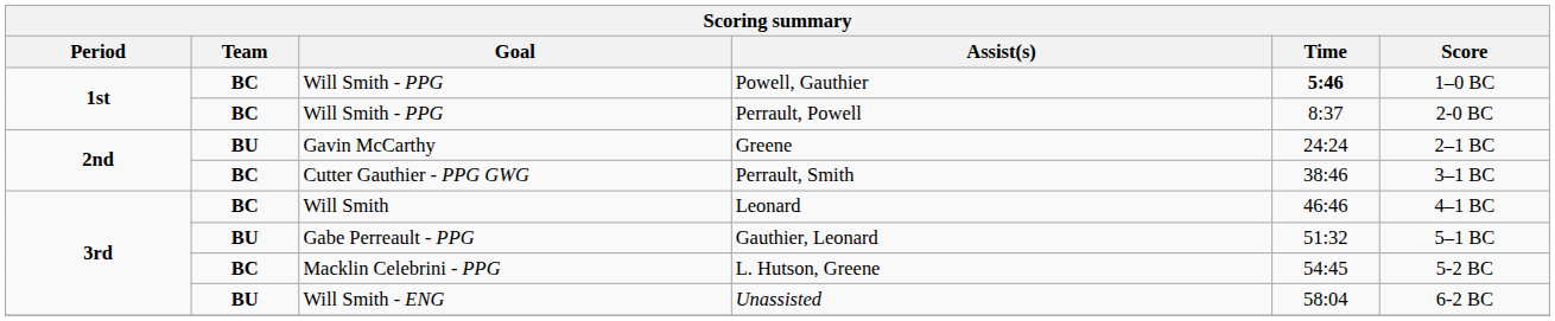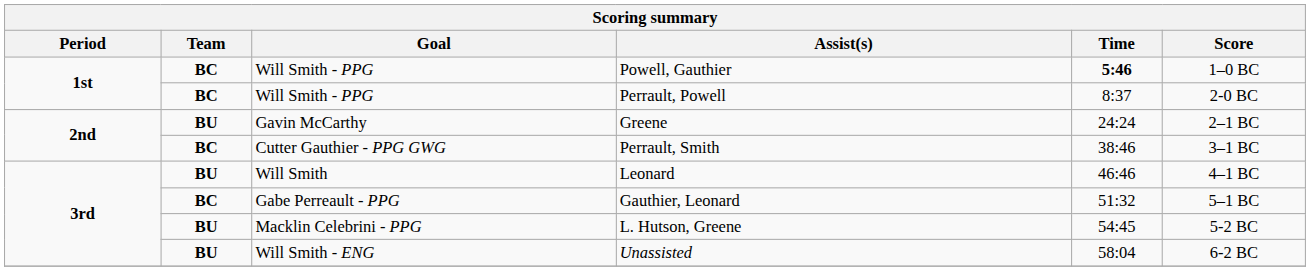 <table style="width:100%;" class="wikitable">
 <tr>
 <th colspan=6>Scoring summary</th>
 </tr>
 <tr>
 <th style="width:12%;">Period</th>
 <th style="width:7%;">Team</th>
 <th style="width:28%;">Goal</th>
 <th style="width:35%;">Assist(s)</th>
 <th style="width:7%;">Time</th>
 <th style="width:11%;">Score</th>
 </tr>
 <tr>
 <td style="text-align:center;" rowspan="2"><strong>1st</strong></td>
 <td align=center><strong>BC</strong></td>
 <td>Will Smith - <em>PPG</em></td>
 <td>Powell, Gauthier</td>
 <td align=center><strong>5:46</strong></td>
 <td align=center>1–0 BC</td>
 </tr>
 <tr>
 <td align=center><strong>BC</strong></td>
 <td>Will Smith - <em>PPG</em></td>
 <td>Perrault, Powell</td>
 <td align=center>8:37</td>
 <td align=center>2-0 BC</td>
 </tr>
 <tr>
 <td style="text-align:center;" rowspan="2"><strong>2nd</strong></td>
 <td align=center><strong>BU</strong></td>
 <td>Gavin McCarthy</td>
 <td>Greene</td>
 <td align=center>24:24</td>
 <td align=center>2–1 BC</td>
 </tr>
 <tr>
 <td align=center><strong>BC</strong></td>
 <td>Cutter Gauthier - <em>PPG</em> <em>GWG</em></td>
 <td>Perrault, Smith</td>
 <td align=center>38:46</td>
 <td align=center>3–1 BC</td>
 </tr>
 <tr>
 <td style="text-align:center;" rowspan="4"><strong>3rd</strong></td>
-<td align=center><strong>BC</strong></td>
+<td align=center><strong>BU</strong></td>
 <td>Will Smith</td>
 <td>Leonard</td>
 <td align=center>46:46</td>
 <td align=center>4–1 BC</td>
 </tr>
 <tr>
-<td align=center><strong>BU</strong></td>
+<td align=center><strong>BC</strong></td>
 <td>Gabe Perreault - <em>PPG</em></td>
 <td>Gauthier, Leonard</td>
 <td align=center>51:32</td>
 <td align=center>5–1 BC</td>
 </tr>
 <tr>
-<td align=center><strong>BC</strong></td>
+<td align=center><strong>BU</strong></td>
 <td>Macklin Celebrini - <em>PPG</em></td>
 <td>L. Hutson, Greene</td>
 <td align=center>54:45</td>
 <td align=center>5-2 BC</td>
 </tr>
 <tr>
 <td align=center><strong>BU</strong></td>
 <td>Will Smith - <em>ENG</em></td>
 <td><em>Unassisted</em></td>
 <td align=center>58:04</td>
 <td align=center>6-2 BC</td>
 </tr>
 <tr>
 </tr>
 </table>
